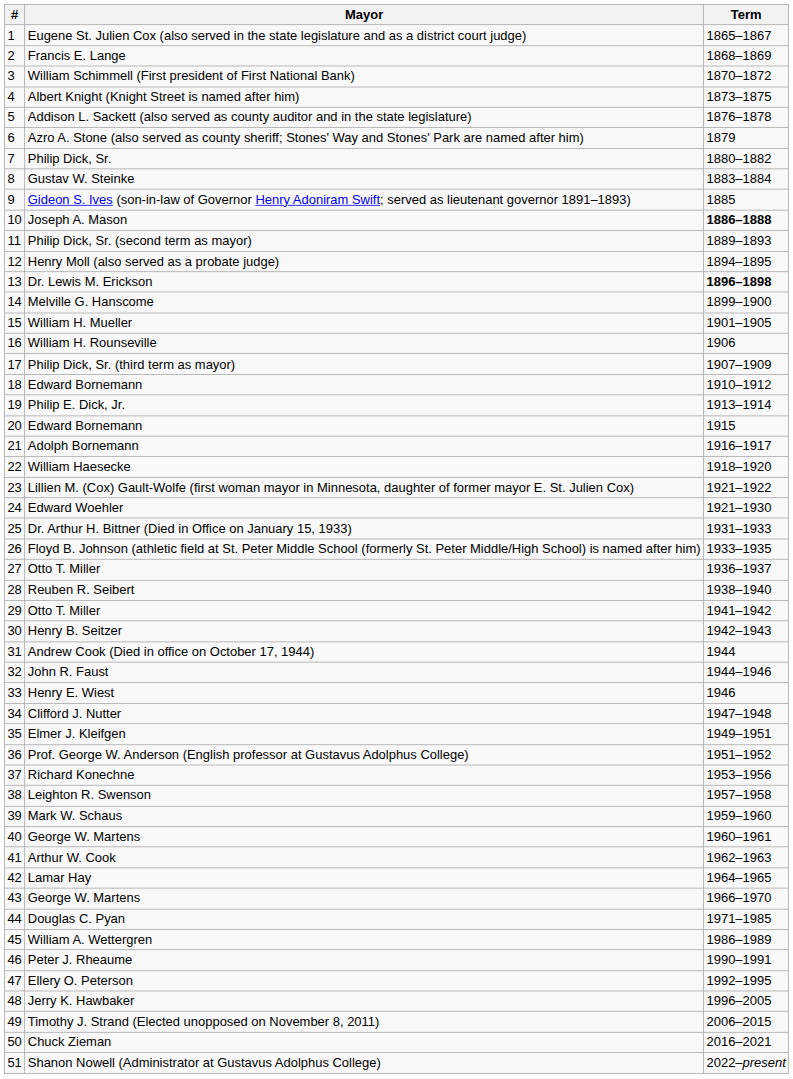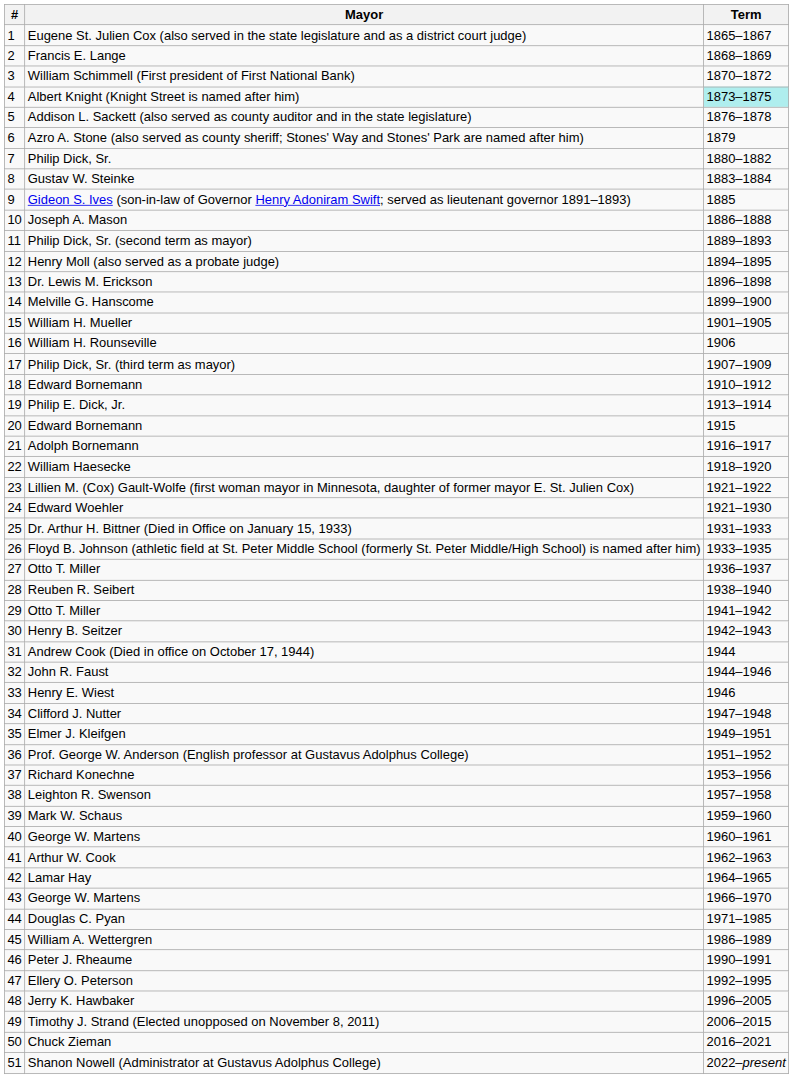 <table class="wikitable">
 <tr>
 <th>#</th>
 <th>Mayor</th>
 <th>Term</th>
 </tr>
 <tr>
 <td>1</td>
 <td>Eugene St. Julien Cox (also served in the state legislature and as a district court judge)</td>
 <td>1865–1867</td>
 </tr>
 <tr>
 <td>2</td>
 <td>Francis E. Lange</td>
 <td>1868–1869</td>
 </tr>
 <tr>
 <td>3</td>
 <td>William Schimmell (First president of First National Bank)</td>
 <td>1870–1872</td>
 </tr>
 <tr>
 <td>4</td>
 <td>Albert Knight (Knight Street is named after him)</td>
-<td>1873–1875</td>
+<td style="background: paleturquoise;">1873–1875</td>
 </tr>
 <tr>
 <td>5</td>
 <td>Addison L. Sackett (also served as county auditor and in the state legislature)</td>
 <td>1876–1878</td>
 </tr>
 <tr>
 <td>6</td>
 <td>Azro A. Stone (also served as county sheriff; Stones' Way and Stones' Park are named after him)</td>
 <td>1879</td>
 </tr>
 <tr>
 <td>7</td>
 <td>Philip Dick, Sr.</td>
 <td>1880–1882</td>
 </tr>
 <tr>
 <td>8</td>
 <td>Gustav W. Steinke</td>
 <td>1883–1884</td>
 </tr>
 <tr>
 <td>9</td>
 <td><a href='#'>Gideon S. Ives</a> (son-in-law of Governor <a href='#'>Henry Adoniram Swift</a>; served as lieutenant governor 1891–1893)</td>
 <td>1885</td>
 </tr>
 <tr>
 <td>10</td>
 <td>Joseph A. Mason</td>
-<td><strong>1886–1888</strong></td>
+<td>1886–1888</td>
 </tr>
 <tr>
 <td>11</td>
 <td>Philip Dick, Sr. (second term as mayor)</td>
 <td>1889–1893</td>
 </tr>
 <tr>
 <td>12</td>
 <td>Henry Moll (also served as a probate judge)</td>
 <td>1894–1895</td>
 </tr>
 <tr>
 <td>13</td>
 <td>Dr. Lewis M. Erickson</td>
-<td><strong>1896–1898</strong></td>
+<td>1896–1898</td>
 </tr>
 <tr>
 <td>14</td>
 <td>Melville G. Hanscome</td>
 <td>1899–1900</td>
 </tr>
 <tr>
 <td>15</td>
 <td>William H. Mueller</td>
 <td>1901–1905</td>
 </tr>
 <tr>
 <td>16</td>
 <td>William H. Rounseville</td>
 <td>1906</td>
 </tr>
 <tr>
 <td>17</td>
 <td>Philip Dick, Sr. (third term as mayor)</td>
 <td>1907–1909</td>
 </tr>
 <tr>
 <td>18</td>
 <td>Edward Bornemann</td>
 <td>1910–1912</td>
 </tr>
 <tr>
 <td>19</td>
 <td>Philip E. Dick, Jr.</td>
 <td>1913–1914</td>
 </tr>
 <tr>
 <td>20</td>
 <td>Edward Bornemann</td>
 <td>1915</td>
 </tr>
 <tr>
 <td>21</td>
 <td>Adolph Bornemann</td>
 <td>1916–1917</td>
 </tr>
 <tr>
 <td>22</td>
 <td>William Haesecke</td>
 <td>1918–1920</td>
 </tr>
 <tr>
 <td>23</td>
 <td>Lillien M. (Cox) Gault-Wolfe (first woman mayor in Minnesota, daughter of former mayor E. St. Julien Cox)</td>
 <td>1921–1922</td>
 </tr>
 <tr>
 <td>24</td>
 <td>Edward Woehler</td>
 <td>1921–1930</td>
 </tr>
 <tr>
 <td>25</td>
 <td>Dr. Arthur H. Bittner (Died in Office on January 15, 1933)</td>
 <td>1931–1933</td>
 </tr>
 <tr>
 <td>26</td>
 <td>Floyd B. Johnson (athletic field at St. Peter Middle School (formerly St. Peter Middle/High School) is named after him)</td>
 <td>1933–1935</td>
 </tr>
 <tr>
 <td>27</td>
 <td>Otto T. Miller</td>
 <td>1936–1937</td>
 </tr>
 <tr>
 <td>28</td>
 <td>Reuben R. Seibert</td>
 <td>1938–1940</td>
 </tr>
 <tr>
 <td>29</td>
 <td>Otto T. Miller</td>
 <td>1941–1942</td>
 </tr>
 <tr>
 <td>30</td>
 <td>Henry B. Seitzer</td>
 <td>1942–1943</td>
 </tr>
 <tr>
 <td>31</td>
 <td>Andrew Cook (Died in office on October 17, 1944)</td>
 <td>1944</td>
 </tr>
 <tr>
 <td>32</td>
 <td>John R. Faust</td>
 <td>1944–1946</td>
 </tr>
 <tr>
 <td>33</td>
 <td>Henry E. Wiest</td>
 <td>1946</td>
 </tr>
 <tr>
 <td>34</td>
 <td>Clifford J. Nutter</td>
 <td>1947–1948</td>
 </tr>
 <tr>
 <td>35</td>
 <td>Elmer J. Kleifgen</td>
 <td>1949–1951</td>
 </tr>
 <tr>
 <td>36</td>
 <td>Prof. George W. Anderson (English professor at Gustavus Adolphus College)</td>
 <td>1951–1952</td>
 </tr>
 <tr>
 <td>37</td>
 <td>Richard Konechne</td>
 <td>1953–1956</td>
 </tr>
 <tr>
 <td>38</td>
 <td>Leighton R. Swenson</td>
 <td>1957–1958</td>
 </tr>
 <tr>
 <td>39</td>
 <td>Mark W. Schaus</td>
 <td>1959–1960</td>
 </tr>
 <tr>
 <td>40</td>
 <td>George W. Martens</td>
 <td>1960–1961</td>
 </tr>
 <tr>
 <td>41</td>
 <td>Arthur W. Cook</td>
 <td>1962–1963</td>
 </tr>
 <tr>
 <td>42</td>
 <td>Lamar Hay</td>
 <td>1964–1965</td>
 </tr>
 <tr>
 <td>43</td>
 <td>George W. Martens</td>
 <td>1966–1970</td>
 </tr>
 <tr>
 <td>44</td>
 <td>Douglas C. Pyan</td>
 <td>1971–1985</td>
 </tr>
 <tr>
 <td>45</td>
 <td>William A. Wettergren</td>
 <td>1986–1989</td>
 </tr>
 <tr>
 <td>46</td>
 <td>Peter J. Rheaume</td>
 <td>1990–1991</td>
 </tr>
 <tr>
 <td>47</td>
 <td>Ellery O. Peterson</td>
 <td>1992–1995</td>
 </tr>
 <tr>
 <td>48</td>
 <td>Jerry K. Hawbaker</td>
 <td>1996–2005</td>
 </tr>
 <tr>
 <td>49</td>
 <td>Timothy J. Strand (Elected unopposed on November 8, 2011)</td>
 <td>2006–2015</td>
 </tr>
 <tr>
 <td>50</td>
 <td>Chuck Zieman</td>
 <td>2016–2021</td>
 </tr>
 <tr>
 <td>51</td>
 <td>Shanon Nowell (Administrator at Gustavus Adolphus College)</td>
 <td>2022–<em>present</em></td>
 </tr>
 </table>
